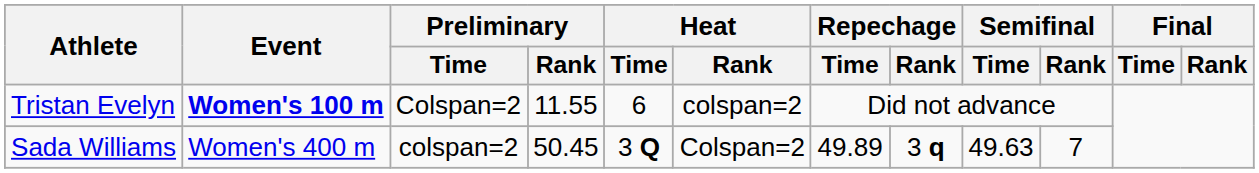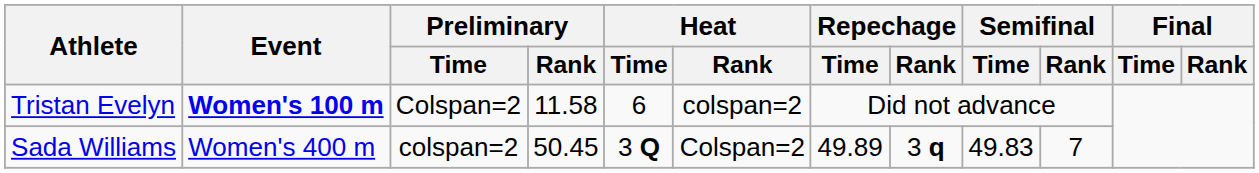 <table class="wikitable" style="font-size:90%">
 <tr>
 <th rowspan=2>Athlete</th>
 <th rowspan=2>Event</th>
 <th colspan=2>Preliminary</th>
 <th colspan=2>Heat</th>
 <th colspan=2>Repechage</th>
 <th colspan=2>Semifinal</th>
 <th colspan=2>Final</th>
 </tr>
 <tr style=font-size:95%>
 <th>Time</th>
 <th>Rank</th>
 <th>Time</th>
 <th>Rank</th>
 <th>Time</th>
 <th>Rank</th>
 <th>Time</th>
 <th>Rank</th>
 <th>Time</th>
 <th>Rank</th>
 </tr>
 <tr align=center>
 <td align=left><a href='#'>Tristan Evelyn</a></td>
 <td align=left><strong><a href='#'>Women's 100 m</a></strong></td>
 <td>Colspan=2 </td>
-<td>11.55</td>
+<td>11.58</td>
 <td>6</td>
 <td>colspan=2 </td>
 <td colspan=4>Did not advance</td>
 </tr>
 <tr align=center>
 <td align=left><a href='#'>Sada Williams</a></td>
 <td align=left><a href='#'>Women's 400 m</a></td>
 <td>colspan=2 </td>
 <td>50.45</td>
 <td>3 <strong>Q</strong></td>
 <td>Colspan=2 </td>
 <td>49.89</td>
 <td>3 <strong>q</strong></td>
-<td>49.63</td>
+<td>49.83</td>
 <td>7</td>
 </tr>
 </table>
